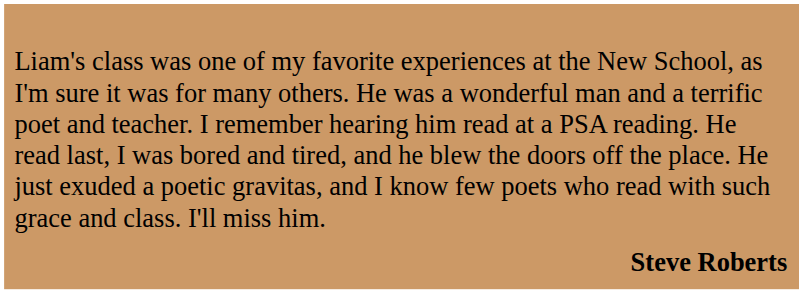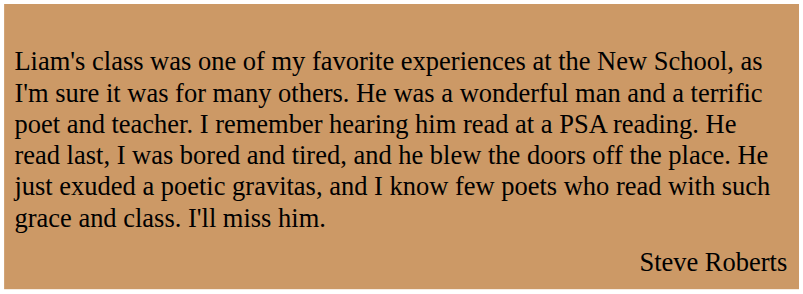 <table class="toccolours" style="float: right; margin-left: 2em; margin-right: 1em; font-size: 90%; background:#CC9966; width:30em; max-width: 40%;" cellspacing="5">
 <tr>
 <td style="text-align: left;"><br>Liam's class was one of my favorite experiences at the New School, as I'm sure it was for many others. He was a wonderful man and a terrific poet and teacher. I remember hearing him read at a PSA reading. He read last, I was bored and tired, and he blew the doors off the place. He just exuded a poetic gravitas, and I know few poets who read with such grace and class. I'll miss him.</td>
 </tr>
 <tr>
-<td style="text-align: right;"><strong>Steve Roberts </strong></td>
+<td style="text-align: right;">Steve Roberts </td>
 </tr>
 </table>
